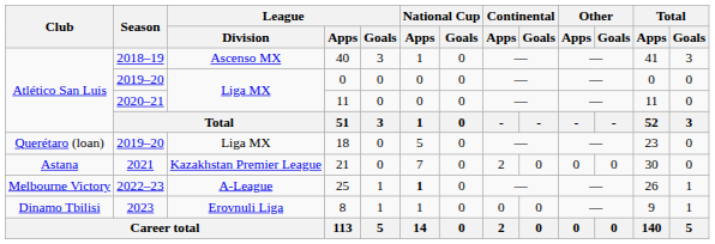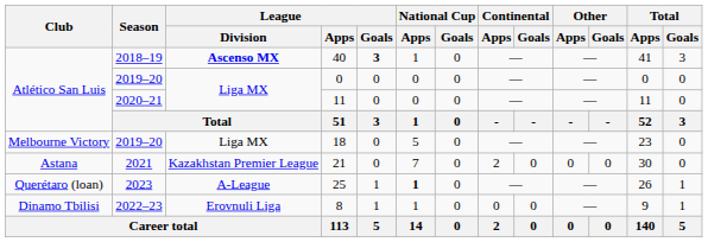 <table class="wikitable" style="text-align:center">
 <tr>
 <th rowspan="2">Club</th>
 <th rowspan="2">Season</th>
 <th colspan="3">League</th>
 <th colspan="2">National Cup</th>
 <th colspan="2">Continental</th>
 <th colspan="2">Other</th>
 <th colspan="2">Total</th>
 </tr>
 <tr>
 <th>Division</th>
 <th>Apps</th>
 <th>Goals</th>
 <th>Apps</th>
 <th>Goals</th>
 <th>Apps</th>
 <th>Goals</th>
 <th>Apps</th>
 <th>Goals</th>
 <th>Apps</th>
 <th>Goals</th>
 </tr>
 <tr>
 <td rowspan="4"><a href='#'>Atlético San Luis</a></td>
 <td><a href='#'>2018–19</a></td>
-<td><a href='#'>Ascenso MX</a></td>
+<td><strong><a href='#'>Ascenso MX</a></strong></td>
 <td>40</td>
-<td>3</td>
+<td><strong>3</strong></td>
 <td>1</td>
 <td>0</td>
 <td colspan="2">—</td>
 <td colspan="2">—</td>
 <td>41</td>
 <td>3</td>
 </tr>
 <tr>
 <td><a href='#'>2019–20</a></td>
 <td rowspan="2"><a href='#'>Liga MX</a></td>
 <td>0</td>
 <td>0</td>
 <td>0</td>
 <td>0</td>
 <td colspan="2">—</td>
 <td colspan="2">—</td>
 <td>0</td>
 <td>0</td>
 </tr>
 <tr>
 <td><a href='#'>2020–21</a></td>
 <td>11</td>
 <td>0</td>
 <td>0</td>
 <td>0</td>
 <td colspan="2">—</td>
 <td colspan="2">—</td>
 <td>11</td>
 <td>0</td>
 </tr>
 <tr>
 <th colspan="2">Total</th>
 <th>51</th>
 <th>3</th>
 <th>1</th>
 <th>0</th>
 <th>-</th>
 <th>-</th>
 <th>-</th>
 <th>-</th>
 <th>52</th>
 <th>3</th>
 </tr>
 <tr>
-<td><a href='#'>Querétaro</a> (loan)</td>
+<td><a href='#'>Melbourne Victory</a></td>
 <td><a href='#'>2019–20</a></td>
 <td>Liga MX</td>
 <td>18</td>
 <td>0</td>
 <td>5</td>
 <td>0</td>
 <td colspan="2">—</td>
 <td colspan="2">—</td>
 <td>23</td>
 <td>0</td>
 </tr>
 <tr>
 <td><a href='#'>Astana</a></td>
 <td><a href='#'>2021</a></td>
 <td><a href='#'>Kazakhstan Premier League</a></td>
 <td>21</td>
 <td>0</td>
 <td>7</td>
 <td>0</td>
 <td>2</td>
 <td>0</td>
 <td>0</td>
 <td>0</td>
 <td>30</td>
 <td>0</td>
 </tr>
 <tr>
-<td><a href='#'>Melbourne Victory</a></td>
-<td><a href='#'>2022–23</a></td>
+<td><a href='#'>Querétaro</a> (loan)</td>
+<td><a href='#'>2023</a></td>
 <td><a href='#'>A-League</a></td>
 <td>25</td>
 <td>1</td>
 <td><strong>1</strong></td>
 <td>0</td>
 <td colspan="2">—</td>
 <td colspan="2">—</td>
 <td>26</td>
 <td>1</td>
 </tr>
 <tr>
 <td><a href='#'>Dinamo Tbilisi</a></td>
-<td><a href='#'>2023</a></td>
+<td><a href='#'>2022–23</a></td>
 <td><a href='#'>Erovnuli Liga</a></td>
 <td>8</td>
 <td>1</td>
 <td>1</td>
 <td>0</td>
 <td>0</td>
 <td>0</td>
 <td colspan="2">—</td>
 <td>9</td>
 <td>1</td>
 </tr>
 <tr>
 <th colspan="3">Career total</th>
 <th>113</th>
 <th>5</th>
 <th>14</th>
 <th>0</th>
 <th>2</th>
 <th>0</th>
 <th>0</th>
 <th>0</th>
 <th>140</th>
 <th>5</th>
 </tr>
 </table>
